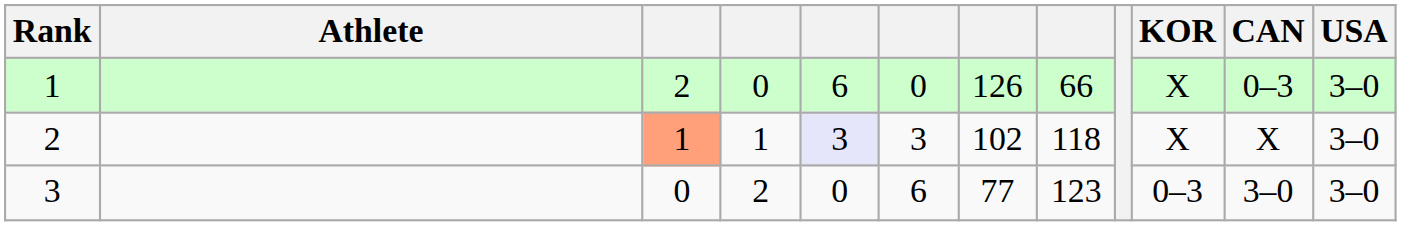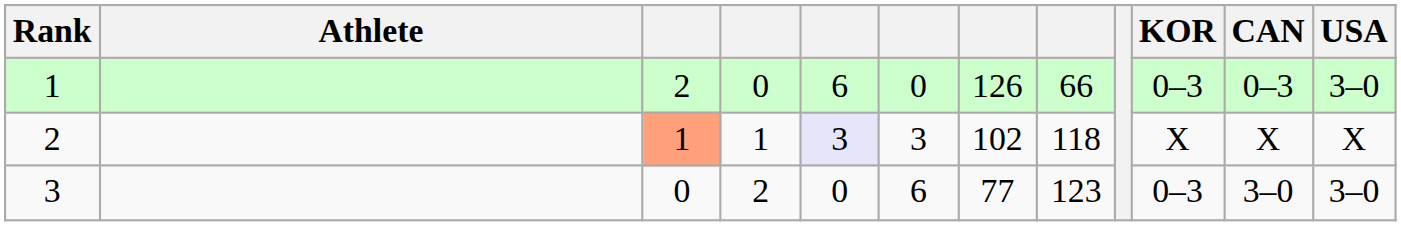 <table class="wikitable" style="text-align:center">
 <tr>
 <th>Rank</th>
 <th width=250>Athlete</th>
 <th width=30></th>
 <th width=30></th>
 <th width=30></th>
 <th width=30></th>
 <th width=30></th>
 <th width=30></th>
 <th rowspan=4></th>
 <th width=30>KOR</th>
 <th width=30>CAN</th>
 <th width=30>USA</th>
 </tr>
 <tr style="background-color:#ccffcc;">
 <td>1</td>
 <td align=left></td>
 <td>2</td>
 <td>0</td>
 <td>6</td>
 <td>0</td>
 <td>126</td>
 <td>66</td>
-<td>X</td>
+<td>0–3</td>
 <td>0–3</td>
 <td>3–0</td>
 </tr>
 <tr>
 <td>2</td>
 <td align=left></td>
 <td style="background: lightsalmon;">1</td>
 <td>1</td>
 <td style="background: lavender;">3</td>
 <td>3</td>
 <td>102</td>
 <td>118</td>
 <td>X</td>
 <td>X</td>
-<td>3–0</td>
+<td>X</td>
 </tr>
 <tr>
 <td>3</td>
 <td align=left></td>
 <td>0</td>
 <td>2</td>
 <td>0</td>
 <td>6</td>
 <td>77</td>
 <td>123</td>
 <td>0–3</td>
 <td>3–0</td>
 <td>3–0</td>
 </tr>
 </table>
